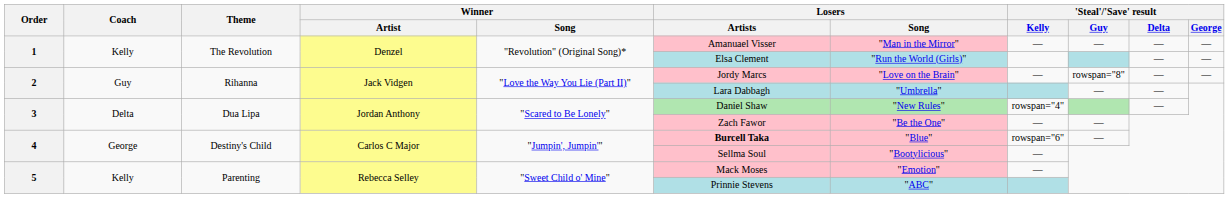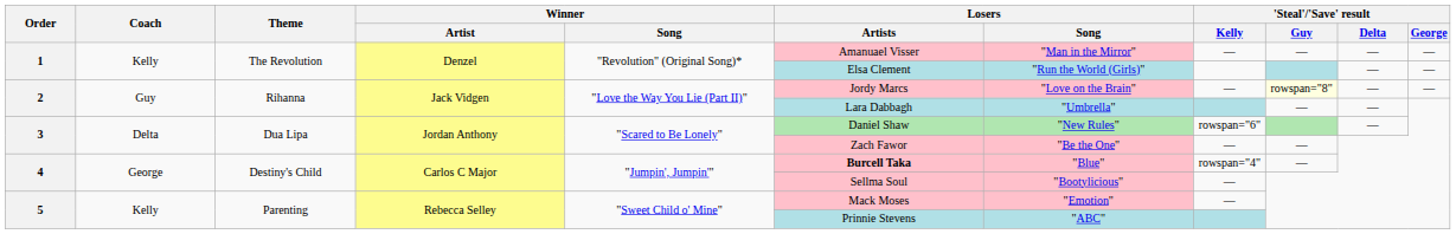 <table class="wikitable" style="text-align: center; width: auto;">
 <tr>
 <th rowspan="2" style="width:5%;">Order</th>
 <th rowspan="2" style="width:10%;">Coach</th>
 <th rowspan="2" Boy George style="width:10%;">Theme</th>
 <th colspan="2" style="width:15%;">Winner</th>
 <th colspan="2" style="width:60%;">Losers</th>
 <th colspan="4" style="width:20%;">'Steal'/'Save' result</th>
 </tr>
 <tr>
 <th style="width:15%;">Artist</th>
 <th style="width:15%;">Song</th>
 <th style="width:15%;">Artists</th>
 <th style="width:15%;">Song</th>
 <th style="width:5%;"><a href='#'>Kelly</a></th>
 <th style="width:5%;"><a href='#'>Guy</a></th>
 <th style="width:5%;"><a href='#'>Delta</a></th>
 <th style="width:5%;"><a href='#'>George</a></th>
 </tr>
 <tr>
 <th rowspan="2">1</th>
 <td rowspan="2">Kelly</td>
 <td rowspan="2">The Revolution</td>
 <td rowspan="2" bgcolor="#fdfc8f">Denzel</td>
 <td rowspan="2">"Revolution" (Original Song)*</td>
 <td bgcolor="pink">Amanuael Visser</td>
 <td bgcolor="pink">"<a href='#'>Man in the Mirror</a>"</td>
 <td>—</td>
 <td>—</td>
 <td>—</td>
 <td>—</td>
 </tr>
 <tr>
 <td bgcolor="#B0E0E6">Elsa Clement</td>
 <td bgcolor="#B0E0E6">"<a href='#'>Run the World (Girls)</a>"</td>
 <td> <strong></strong> </td>
 <td style="background-color:#B0E0E6;"> <strong></strong> </td>
 <td>—</td>
 <td>—</td>
 </tr>
 <tr>
 <th rowspan="2">2</th>
 <td rowspan="2">Guy</td>
 <td rowspan="2">Rihanna</td>
 <td rowspan="2" bgcolor="#fdfc8f">Jack Vidgen</td>
 <td rowspan="2">"<a href='#'>Love the Way You Lie (Part II)</a>"</td>
 <td bgcolor="pink">Jordy Marcs</td>
 <td bgcolor="pink">"<a href='#'>Love on the Brain</a>"</td>
 <td>—</td>
-<td>rowspan="8" </td>
+<td style="background: lightyellow;">rowspan="8" </td>
 <td>—</td>
 <td>—</td>
 </tr>
 <tr>
 <td bgcolor="#B0E0E6">Lara Dabbagh</td>
 <td bgcolor="#B0E0E6">"<a href='#'>Umbrella</a>"</td>
 <td style="background-color:#B0E0E6;"> <strong></strong> </td>
 <td>—</td>
 <td>—</td>
 </tr>
 <tr>
 <th rowspan="2">3</th>
 <td rowspan="2">Delta</td>
 <td rowspan="2">Dua Lipa</td>
 <td rowspan="2" bgcolor="#fdfc8f">Jordan Anthony</td>
 <td rowspan="2">"<a href='#'>Scared to Be Lonely</a>"</td>
 <td bgcolor="#b0e6b0">Daniel Shaw</td>
 <td bgcolor="#b0e6b0">"<a href='#'>New Rules</a>"</td>
-<td>rowspan="4" </td>
+<td>rowspan="6" </td>
 <td style="background-color:#b0e6b0;"> <strong></strong> </td>
 <td>—</td>
 </tr>
 <tr>
 <td bgcolor="pink">Zach Fawor</td>
 <td bgcolor="pink">"<a href='#'>Be the One</a>"</td>
 <td>—</td>
 <td>—</td>
 </tr>
 <tr>
 <th rowspan="2">4</th>
 <td rowspan="2">George</td>
 <td rowspan="2">Destiny's Child</td>
 <td rowspan="2" bgcolor="#fdfc8f">Carlos C Major</td>
 <td rowspan="2">"<a href='#'>Jumpin', Jumpin'</a>"</td>
 <td bgcolor="pink"><strong>Burcell Taka</strong></td>
 <td bgcolor="pink">"<a href='#'>Blue</a>"</td>
-<td>rowspan="6" </td>
+<td>rowspan="4" </td>
 <td>—</td>
 </tr>
 <tr>
 <td bgcolor="pink">Sellma Soul</td>
 <td bgcolor="pink">"<a href='#'>Bootylicious</a>"</td>
 <td>—</td>
 </tr>
 <tr>
 <th rowspan="2">5</th>
 <td rowspan="2">Kelly</td>
 <td rowspan="2">Parenting</td>
 <td rowspan="2" bgcolor="#fdfc8f">Rebecca Selley</td>
 <td rowspan="2">"<a href='#'>Sweet Child o' Mine</a>"</td>
 <td bgcolor="pink">Mack Moses</td>
 <td bgcolor="pink">"<a href='#'>Emotion</a>"</td>
 <td>—</td>
 </tr>
 <tr>
 <td bgcolor="#B0E0E6">Prinnie Stevens</td>
 <td bgcolor="#B0E0E6">"<a href='#'>ABC</a>"</td>
 <td style="background-color:#B0E0E6;"> <strong></strong> </td>
 </tr>
 </table>
